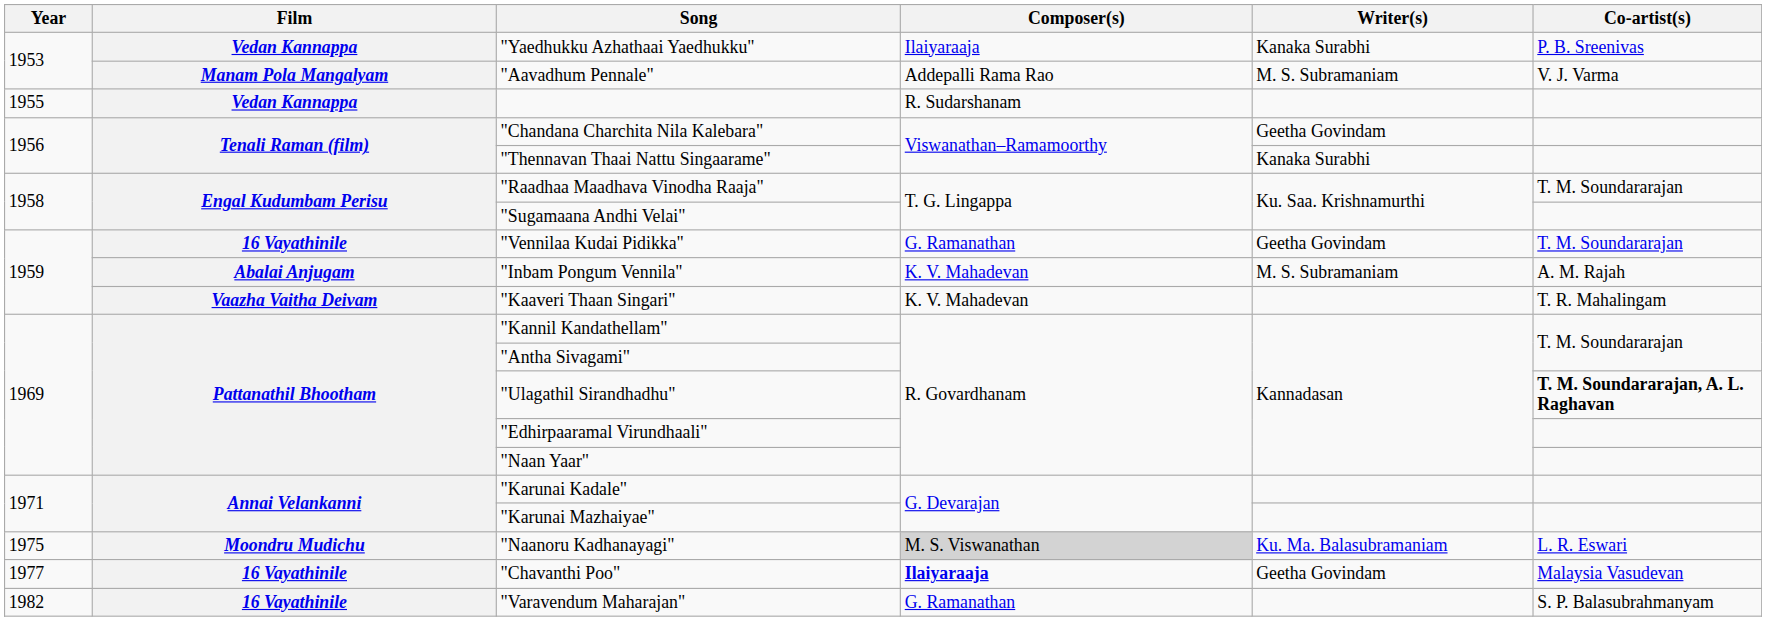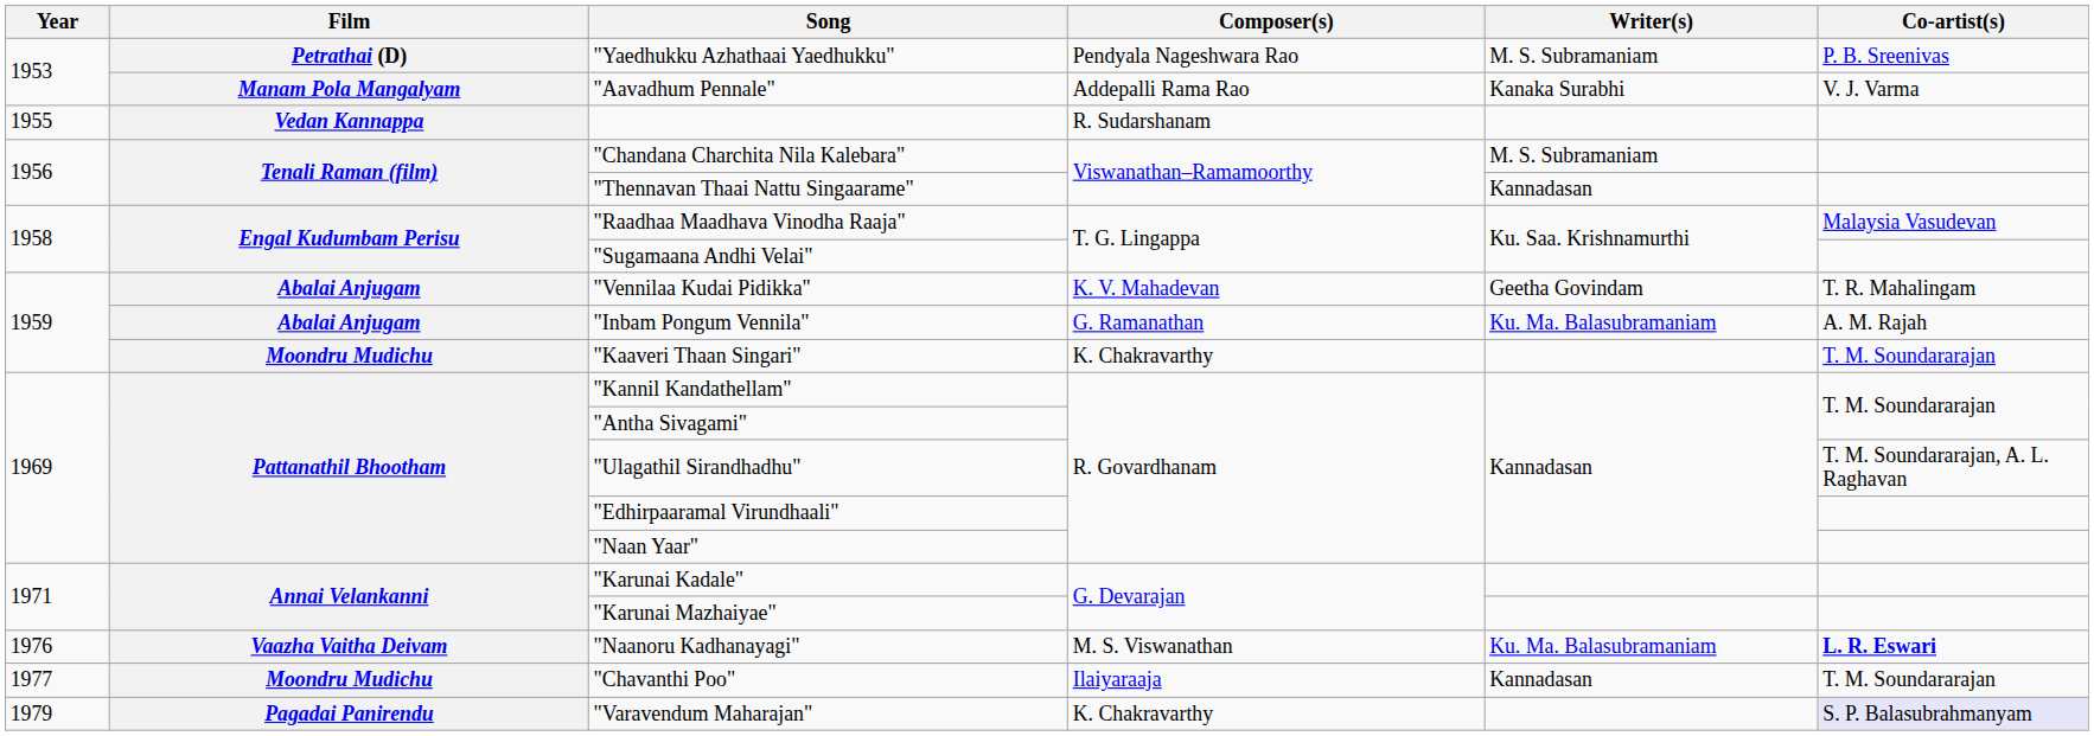 <table class="wikitable plainrowheaders" width="100%" textcolor:#000;">
 <tr style="background:#b0e0e66;">
 <th scope="col" width=5%><strong>Year</strong></th>
 <th scope="col" width=23%><strong>Film</strong></th>
 <th scope="col" width=23%><strong>Song</strong></th>
 <th scope="col" width=20%><strong>Composer(s)</strong></th>
 <th scope="col" width=16%><strong>Writer(s)</strong></th>
 <th scope="col" width=18%><strong>Co-artist(s)</strong></th>
 </tr>
 <tr>
 <td rowspan="2">1953</td>
-<th><em><a href='#'>Vedan Kannappa</a></em></th>
+<th><em><a href='#'>Petrathai</a></em> (D)</th>
 <td>"Yaedhukku Azhathaai Yaedhukku"</td>
-<td><a href='#'>Ilaiyaraaja</a></td>
-<td>Kanaka Surabhi</td>
+<td>Pendyala Nageshwara Rao</td>
+<td>M. S. Subramaniam</td>
 <td><a href='#'>P. B. Sreenivas</a></td>
 </tr>
 <tr>
 <th><em><a href='#'>Manam Pola Mangalyam</a></em></th>
 <td>"Aavadhum Pennale"</td>
 <td>Addepalli Rama Rao</td>
-<td>M. S. Subramaniam</td>
+<td>Kanaka Surabhi</td>
 <td>V. J. Varma</td>
 </tr>
 <tr>
 <td>1955</td>
 <th><em><a href='#'>Vedan Kannappa</a></em></th>
 <td></td>
 <td>R. Sudarshanam</td>
 <td></td>
 <td></td>
 </tr>
 <tr>
 <td rowspan="2">1956</td>
 <th rowspan="2"><em><a href='#'>Tenali Raman (film)</a></em></th>
 <td>"Chandana Charchita Nila Kalebara"</td>
 <td rowspan="2"><a href='#'>Viswanathan–Ramamoorthy</a></td>
-<td>Geetha Govindam</td>
+<td>M. S. Subramaniam</td>
 <td></td>
 </tr>
 <tr>
 <td>"Thennavan Thaai Nattu Singaarame"</td>
-<td>Kanaka Surabhi</td>
+<td>Kannadasan</td>
 <td></td>
 </tr>
 <tr>
 <td rowspan="2">1958</td>
 <th rowspan="2"><em><a href='#'>Engal Kudumbam Perisu</a></em></th>
 <td>"Raadhaa Maadhava Vinodha Raaja"</td>
 <td rowspan="2">T. G. Lingappa</td>
 <td rowspan="2">Ku. Saa. Krishnamurthi</td>
-<td>T. M. Soundararajan</td>
+<td><a href='#'>Malaysia Vasudevan</a></td>
 </tr>
 <tr>
 <td>"Sugamaana Andhi Velai"</td>
 </tr>
 <tr>
 <td rowspan="3">1959</td>
-<th><em><a href='#'>16 Vayathinile</a></em></th>
+<th><em><a href='#'>Abalai Anjugam</a></em></th>
 <td>"Vennilaa Kudai Pidikka"</td>
-<td><a href='#'>G. Ramanathan</a></td>
+<td><a href='#'>K. V. Mahadevan</a></td>
 <td>Geetha Govindam</td>
-<td><a href='#'>T. M. Soundararajan</a></td>
+<td>T. R. Mahalingam</td>
 </tr>
 <tr>
 <th><em><a href='#'>Abalai Anjugam</a></em></th>
 <td>"Inbam Pongum Vennila"</td>
-<td><a href='#'>K. V. Mahadevan</a></td>
-<td>M. S. Subramaniam</td>
+<td><a href='#'>G. Ramanathan</a></td>
+<td><a href='#'>Ku. Ma. Balasubramaniam</a></td>
 <td>A. M. Rajah</td>
 </tr>
 <tr>
-<th><em><a href='#'>Vaazha Vaitha Deivam</a></em></th>
+<th><em><a href='#'>Moondru Mudichu</a></em></th>
 <td>"Kaaveri Thaan Singari"</td>
-<td>K. V. Mahadevan</td>
+<td>K. Chakravarthy</td>
 <td></td>
-<td>T. R. Mahalingam</td>
+<td><a href='#'>T. M. Soundararajan</a></td>
 </tr>
 <tr>
 <td rowspan="5">1969</td>
 <th rowspan="5"><em><a href='#'>Pattanathil Bhootham</a></em></th>
 <td>"Kannil Kandathellam"</td>
 <td rowspan="5">R. Govardhanam</td>
 <td rowspan="5">Kannadasan</td>
 <td rowspan="2">T. M. Soundararajan</td>
 </tr>
 <tr>
 <td>"Antha Sivagami"</td>
 </tr>
 <tr>
 <td>"Ulagathil Sirandhadhu"</td>
-<td><strong>T. M. Soundararajan, A. L. Raghavan</strong></td>
+<td>T. M. Soundararajan, A. L. Raghavan</td>
 </tr>
 <tr>
 <td>"Edhirpaaramal Virundhaali"</td>
 <td></td>
 </tr>
 <tr>
 <td>"Naan Yaar"</td>
 <td></td>
 </tr>
 <tr>
 <td rowspan="2">1971</td>
 <th rowspan="2"><em><a href='#'>Annai Velankanni</a></em></th>
 <td>"Karunai Kadale"</td>
 <td rowspan="2"><a href='#'>G. Devarajan</a></td>
 <td></td>
 <td></td>
 </tr>
 <tr>
 <td>"Karunai Mazhaiyae"</td>
 <td></td>
 <td></td>
 </tr>
 <tr>
-<td>1975</td>
-<th><em><a href='#'>Moondru Mudichu</a></em></th>
+<td>1976</td>
+<th><em><a href='#'>Vaazha Vaitha Deivam</a></em></th>
 <td>"Naanoru Kadhanayagi"</td>
-<td style="background: lightgrey;">M. S. Viswanathan</td>
+<td>M. S. Viswanathan</td>
 <td><a href='#'>Ku. Ma. Balasubramaniam</a></td>
-<td><a href='#'>L. R. Eswari</a></td>
+<td><strong><a href='#'>L. R. Eswari</a></strong></td>
 </tr>
 <tr>
 <td>1977</td>
-<th><em><a href='#'>16 Vayathinile</a></em></th>
+<th><em><a href='#'>Moondru Mudichu</a></em></th>
 <td>"Chavanthi Poo"</td>
-<td><strong><a href='#'>Ilaiyaraaja</a></strong></td>
-<td>Geetha Govindam</td>
-<td><a href='#'>Malaysia Vasudevan</a></td>
+<td><a href='#'>Ilaiyaraaja</a></td>
+<td>Kannadasan</td>
+<td>T. M. Soundararajan</td>
 </tr>
 <tr>
-<td>1982</td>
-<th><em><a href='#'>16 Vayathinile</a></em></th>
+<td>1979</td>
+<th><em><a href='#'>Pagadai Panirendu</a></em></th>
 <td>"Varavendum Maharajan"</td>
-<td><a href='#'>G. Ramanathan</a></td>
+<td>K. Chakravarthy</td>
 <td></td>
-<td>S. P. Balasubrahmanyam</td>
+<td style="background: lavender;">S. P. Balasubrahmanyam</td>
 </tr>
 </table>
